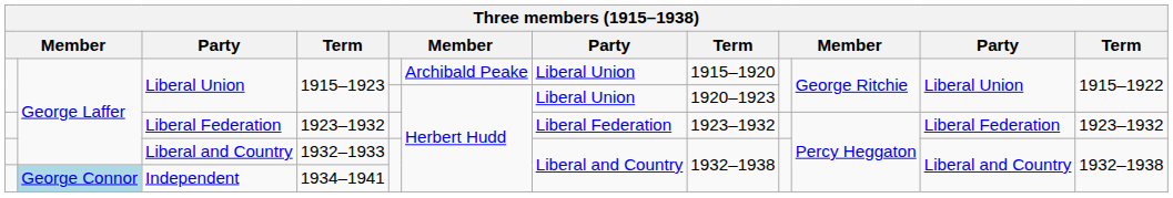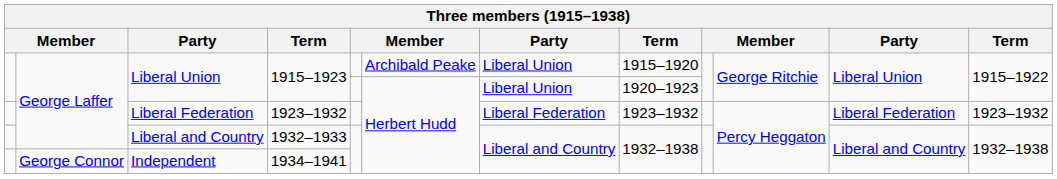 <table class="wikitable">
 <tr>
 <th colspan=12>Three members (1915–1938)</th>
 </tr>
 <tr>
 <th colspan=2>Member</th>
 <th>Party</th>
 <th>Term</th>
 <th colspan=2>Member</th>
 <th>Party</th>
 <th>Term</th>
 <th colspan=2>Member</th>
 <th>Party</th>
 <th>Term</th>
 </tr>
 <tr>
 <td rowspan=2 > </td>
 <td rowspan=4><a href='#'>George Laffer</a></td>
 <td rowspan=2><a href='#'>Liberal Union</a></td>
 <td rowspan=2>1915–1923</td>
 <td> </td>
 <td><a href='#'>Archibald Peake</a></td>
 <td><a href='#'>Liberal Union</a></td>
 <td>1915–1920</td>
 <td rowspan=2 > </td>
 <td rowspan=2><a href='#'>George Ritchie</a></td>
 <td rowspan=2><a href='#'>Liberal Union</a></td>
 <td rowspan=2>1915–1922</td>
 </tr>
 <tr>
 <td> </td>
 <td rowspan="4"><a href='#'>Herbert Hudd</a></td>
 <td><a href='#'>Liberal Union</a></td>
 <td>1920–1923</td>
 </tr>
 <tr>
 <td> </td>
 <td><a href='#'>Liberal Federation</a></td>
 <td>1923–1932</td>
 <td> </td>
 <td><a href='#'>Liberal Federation</a></td>
 <td>1923–1932</td>
 <td> </td>
 <td rowspan="3"><a href='#'>Percy Heggaton</a></td>
 <td><a href='#'>Liberal Federation</a></td>
 <td>1923–1932</td>
 </tr>
 <tr>
 <td> </td>
 <td><a href='#'>Liberal and Country</a></td>
 <td>1932–1933</td>
 <td rowspan="2" > </td>
 <td rowspan="2"><a href='#'>Liberal and Country</a></td>
 <td rowspan="2">1932–1938</td>
 <td rowspan="2" > </td>
 <td rowspan="2"><a href='#'>Liberal and Country</a></td>
 <td rowspan="2">1932–1938</td>
 </tr>
 <tr>
 <td> </td>
-<td style="background: lightblue;"><a href='#'>George Connor</a></td>
+<td><a href='#'>George Connor</a></td>
 <td><a href='#'>Independent</a></td>
 <td>1934–1941</td>
 </tr>
 </table>
